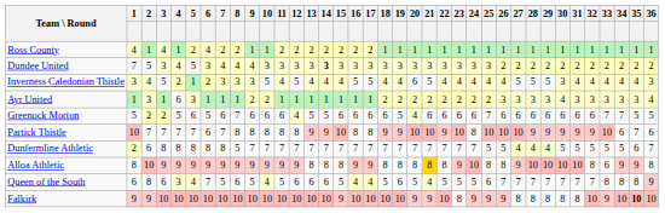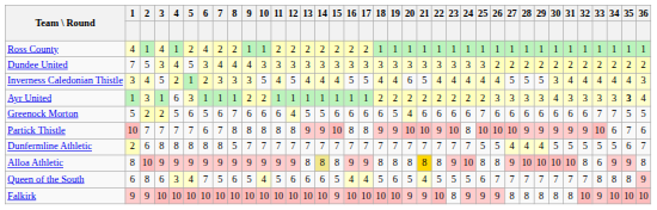 <table class="wikitable sortable" style="font-size: 85%; text-align:center;">
 <tr>
 <th rowspan="2">Team \ Round</th>
 <th align=center>1</th>
 <th align=center>2</th>
 <th align=center>3</th>
 <th align=center>4</th>
 <th align=center>5</th>
 <th align=center>6</th>
 <th align=center>7</th>
 <th align=center>8</th>
 <th align=center>9</th>
 <th align=center>10</th>
 <th align=center>11</th>
 <th align=center>12</th>
 <th align=center>13</th>
 <th align=center>14</th>
 <th align=center>15</th>
 <th align=center>16</th>
 <th align=center>17</th>
 <th align=center>18</th>
 <th align=center>19</th>
 <th align=center>20</th>
 <th align=center>21</th>
 <th align=center>22</th>
 <th align=center>23</th>
 <th align=center>24</th>
 <th align=center>25</th>
 <th align=center>26</th>
 <th align=center>27</th>
 <th align=center>28</th>
 <th align=center>29</th>
 <th align=center>30</th>
 <th align=center>31</th>
 <th align=center>32</th>
 <th align=center>33</th>
 <th align=center>34</th>
 <th align=center>35</th>
 <th align=center>36</th>
 </tr>
 <tr>
 <th style="text-align:center; height:20px;"></th>
 <th align=center></th>
 <th align=center></th>
 <th align=center></th>
 <th align=center></th>
 <th align=center></th>
 <th align=center></th>
 <th align=center></th>
 <th align=center></th>
 <th align=center></th>
 <th align=center></th>
 <th align=center></th>
 <th align=center></th>
 <th align=center></th>
 <th align=center></th>
 <th align=center></th>
 <th align=center></th>
 <th align=center></th>
 <th align=center></th>
 <th align=center></th>
 <th align=center></th>
 <th align=center></th>
 <th align=center></th>
 <th align=center></th>
 <th align=center></th>
 <th align=center></th>
 <th align=center></th>
 <th align=center></th>
 <th align=center></th>
 <th align=center></th>
 <th align=center></th>
 <th align=center></th>
 <th align=center></th>
 <th align=center></th>
 <th align=center></th>
 <th align=center></th>
 </tr>
 <tr align=center>
 <td align=left><a href='#'>Ross County</a></td>
 <td style="background:#FFFFCC">4</td>
 <td style="background:#BBF3BB">1</td>
 <td style="background:#FFFFCC">4</td>
 <td style="background:#BBF3BB">1</td>
 <td style="background:#FFFFBB">2</td>
 <td style="background:#FFFFCC">4</td>
 <td style="background:#FFFFBB">2</td>
 <td style="background:#FFFFBB">2</td>
 <td style="background:#BBF3BB">1</td>
 <td style="background:#BBF3BB">1</td>
 <td style="background:#FFFFBB">2</td>
 <td style="background:#FFFFBB">2</td>
 <td style="background:#FFFFBB">2</td>
 <td style="background:#FFFFBB">2</td>
 <td style="background:#FFFFBB">2</td>
 <td style="background:#FFFFBB">2</td>
 <td style="background:#FFFFBB">2</td>
 <td style="background:#BBF3BB">1</td>
 <td style="background:#BBF3BB">1</td>
 <td style="background:#BBF3BB">1</td>
 <td style="background:#BBF3BB">1</td>
 <td style="background:#BBF3BB">1</td>
 <td style="background:#BBF3BB">1</td>
 <td style="background:#BBF3BB">1</td>
 <td style="background:#BBF3BB">1</td>
 <td style="background:#BBF3BB">1</td>
 <td style="background:#BBF3BB">1</td>
 <td style="background:#BBF3BB">1</td>
 <td style="background:#BBF3BB">1</td>
 <td style="background:#BBF3BB">1</td>
 <td style="background:#BBF3BB">1</td>
 <td style="background:#BBF3BB">1</td>
 <td style="background:#BBF3BB">1</td>
 <td style="background:#BBF3BB">1</td>
 <td style="background:#BBF3BB">1</td>
 <td style="background:#BBF3BB">1</td>
 </tr>
 <tr align=center>
 <td align=left><a href='#'>Dundee United</a></td>
 <td>7</td>
 <td>5</td>
 <td style="background:#FFFFCC">3</td>
 <td style="background:#FFFFCC">4</td>
 <td>5</td>
 <td style="background:#FFFFCC">3</td>
 <td style="background:#FFFFCC">4</td>
 <td style="background:#FFFFCC">4</td>
 <td style="background:#FFFFCC">4</td>
 <td style="background:#FFFFCC">3</td>
 <td style="background:#FFFFCC">3</td>
 <td style="background:#FFFFCC">3</td>
 <td style="background:#FFFFCC">3</td>
-<td style="background:#FFFFCC"><strong>3</strong></td>
+<td style="background:#FFFFCC">3</td>
 <td style="background:#FFFFCC">3</td>
 <td style="background:#FFFFCC">3</td>
 <td style="background:#FFFFCC">3</td>
 <td style="background:#FFFFCC">3</td>
 <td style="background:#FFFFCC">3</td>
 <td style="background:#FFFFCC">3</td>
 <td style="background:#FFFFCC">3</td>
 <td style="background:#FFFFCC">3</td>
 <td style="background:#FFFFCC">3</td>
 <td style="background:#FFFFCC">3</td>
 <td style="background:#FFFFCC">3</td>
 <td style="background:#FFFFBB">2</td>
 <td style="background:#FFFFBB">2</td>
 <td style="background:#FFFFBB">2</td>
 <td style="background:#FFFFBB">2</td>
 <td style="background:#FFFFBB">2</td>
 <td style="background:#FFFFBB">2</td>
 <td style="background:#FFFFBB">2</td>
 <td style="background:#FFFFBB">2</td>
 <td style="background:#FFFFBB">2</td>
 <td style="background:#FFFFBB">2</td>
 <td style="background:#FFFFBB">2</td>
 </tr>
 <tr align=center>
 <td align=left><a href='#'>Inverness Caledonian Thistle</a></td>
 <td style="background:#FFFFCC">3</td>
 <td style="background:#FFFFCC">4</td>
 <td>5</td>
 <td style="background:#FFFFBB">2</td>
 <td style="background:#BBF3BB">1</td>
 <td style="background:#FFFFBB">2</td>
 <td style="background:#FFFFCC">3</td>
 <td style="background:#FFFFCC">3</td>
 <td style="background:#FFFFCC">3</td>
 <td>5</td>
 <td style="background:#FFFFCC">4</td>
 <td>5</td>
 <td style="background:#FFFFCC">4</td>
 <td style="background:#FFFFCC">4</td>
 <td style="background:#FFFFCC">4</td>
 <td>5</td>
 <td>5</td>
 <td style="background:#FFFFCC">4</td>
 <td style="background:#FFFFCC">4</td>
 <td>6</td>
 <td>5</td>
 <td style="background:#FFFFCC">4</td>
 <td style="background:#FFFFCC">4</td>
 <td style="background:#FFFFCC">4</td>
 <td style="background:#FFFFCC">4</td>
 <td style="background:#FFFFCC">4</td>
 <td>5</td>
 <td>5</td>
 <td>5</td>
 <td style="background:#FFFFCC">3</td>
 <td style="background:#FFFFCC">4</td>
 <td style="background:#FFFFCC">4</td>
 <td style="background:#FFFFCC">4</td>
 <td style="background:#FFFFCC">4</td>
 <td style="background:#FFFFCC">4</td>
 <td style="background:#FFFFCC">3</td>
 </tr>
 <tr align=center>
 <td align=left><a href='#'>Ayr United</a></td>
 <td style="background:#BBF3BB">1</td>
 <td style="background:#FFFFCC">3</td>
 <td style="background:#BBF3BB">1</td>
 <td>6</td>
 <td style="background:#FFFFCC">3</td>
 <td style="background:#BBF3BB">1</td>
 <td style="background:#BBF3BB">1</td>
 <td style="background:#BBF3BB">1</td>
 <td style="background:#FFFFBB">2</td>
 <td style="background:#FFFFBB">2</td>
 <td style="background:#BBF3BB">1</td>
 <td style="background:#BBF3BB">1</td>
 <td style="background:#BBF3BB">1</td>
 <td style="background:#BBF3BB">1</td>
 <td style="background:#BBF3BB">1</td>
 <td style="background:#BBF3BB">1</td>
 <td style="background:#BBF3BB">1</td>
 <td style="background:#FFFFBB">2</td>
 <td style="background:#FFFFBB">2</td>
 <td style="background:#FFFFBB">2</td>
 <td style="background:#FFFFBB">2</td>
 <td style="background:#FFFFBB">2</td>
 <td style="background:#FFFFBB">2</td>
 <td style="background:#FFFFBB">2</td>
 <td style="background:#FFFFBB">2</td>
 <td style="background:#FFFFCC">3</td>
 <td style="background:#FFFFCC">3</td>
 <td style="background:#FFFFCC">3</td>
 <td style="background:#FFFFCC">3</td>
 <td style="background:#FFFFCC">4</td>
 <td style="background:#FFFFCC">3</td>
 <td style="background:#FFFFCC">3</td>
 <td style="background:#FFFFCC">3</td>
 <td style="background:#FFFFCC">3</td>
-<td style="background:#FFFFCC">3</td>
+<td style="background:#FFFFCC"><strong>3</strong></td>
 <td style="background:#FFFFCC">4</td>
 </tr>
 <tr align=center>
 <td align=left><a href='#'>Greenock Morton</a></td>
 <td>5</td>
 <td style="background:#FFFFBB">2</td>
 <td style="background:#FFFFBB">2</td>
 <td>5</td>
 <td>6</td>
 <td>5</td>
 <td>6</td>
 <td>7</td>
 <td>6</td>
 <td>6</td>
 <td>6</td>
 <td style="background:#FFFFCC">4</td>
 <td>5</td>
 <td>5</td>
 <td>6</td>
 <td>6</td>
 <td>6</td>
 <td>6</td>
 <td>5</td>
 <td style="background:#FFFFCC">4</td>
 <td>6</td>
 <td>6</td>
 <td>6</td>
 <td>6</td>
 <td>7</td>
 <td>6</td>
 <td>6</td>
 <td>6</td>
 <td>6</td>
 <td>6</td>
 <td>6</td>
 <td>6</td>
 <td>7</td>
 <td>7</td>
 <td>5</td>
 <td>5</td>
 </tr>
 <tr align=center>
 <td align=left><a href='#'>Partick Thistle</a></td>
 <td style="background:#FFBBBB">10</td>
 <td>7</td>
 <td>7</td>
 <td>7</td>
 <td>7</td>
 <td>6</td>
 <td>7</td>
 <td>8</td>
 <td>8</td>
 <td>8</td>
 <td>8</td>
 <td>8</td>
 <td style="background:#FFCCCC">9</td>
 <td style="background:#FFCCCC">9</td>
 <td style="background:#FFBBBB">10</td>
 <td>8</td>
 <td>8</td>
 <td style="background:#FFCCCC">9</td>
 <td style="background:#FFCCCC">9</td>
 <td style="background:#FFBBBB">10</td>
 <td style="background:#FFBBBB">10</td>
 <td style="background:#FFCCCC">9</td>
 <td style="background:#FFBBBB">10</td>
 <td>8</td>
 <td style="background:#FFBBBB">10</td>
 <td style="background:#FFBBBB">10</td>
 <td style="background:#FFBBBB">10</td>
 <td style="background:#FFCCCC">9</td>
 <td style="background:#FFCCCC">9</td>
 <td style="background:#FFCCCC">9</td>
 <td style="background:#FFCCCC">9</td>
 <td style="background:#FFCCCC">9</td>
 <td style="background:#FFBBBB">10</td>
 <td>6</td>
 <td>7</td>
 <td>6</td>
 </tr>
 <tr align=center>
 <td align=left><a href='#'>Dunfermline Athletic</a></td>
 <td style="background:#FFFFBB">2</td>
 <td>6</td>
 <td>8</td>
 <td>8</td>
 <td>8</td>
 <td>8</td>
 <td>8</td>
 <td>5</td>
 <td>7</td>
 <td>7</td>
 <td>7</td>
 <td>7</td>
 <td>7</td>
 <td>7</td>
 <td>7</td>
 <td>7</td>
 <td>7</td>
 <td>7</td>
 <td>7</td>
 <td>7</td>
 <td>7</td>
 <td>7</td>
 <td>7</td>
 <td>7</td>
 <td>5</td>
 <td>5</td>
 <td style="background:#FFFFCC">4</td>
 <td style="background:#FFFFCC">4</td>
 <td style="background:#FFFFCC">4</td>
 <td>5</td>
 <td>5</td>
 <td>5</td>
 <td>5</td>
 <td>5</td>
 <td>6</td>
 <td>7</td>
 </tr>
 <tr align=center>
 <td align=left><a href='#'>Alloa Athletic</a></td>
 <td>8</td>
 <td style="background:#FFBBBB">10</td>
 <td style="background:#FFCCCC">9</td>
 <td style="background:#FFCCCC">9</td>
 <td style="background:#FFCCCC">9</td>
 <td style="background:#FFCCCC">9</td>
 <td style="background:#FFCCCC">9</td>
 <td style="background:#FFCCCC">9</td>
 <td style="background:#FFCCCC">9</td>
 <td style="background:#FFCCCC">9</td>
 <td style="background:#FFCCCC">9</td>
 <td style="background:#FFCCCC">9</td>
 <td>8</td>
-<td>8</td>
+<td style="background: khaki;">8</td>
 <td>8</td>
 <td style="background:#FFCCCC">9</td>
 <td style="background:#FFCCCC">9</td>
 <td>8</td>
 <td>8</td>
 <td>8</td>
 <td style="background: gold;">8</td>
 <td>8</td>
 <td style="background:#FFCCCC">9</td>
 <td style="background:#FFBBBB">10</td>
 <td>8</td>
 <td>8</td>
 <td style="background:#FFCCCC">9</td>
 <td style="background:#FFBBBB">10</td>
 <td style="background:#FFBBBB">10</td>
 <td style="background:#FFBBBB">10</td>
 <td style="background:#FFBBBB">10</td>
 <td>8</td>
 <td>6</td>
 <td style="background:#FFCCCC">9</td>
 <td style="background:#FFCCCC">9</td>
 <td>8</td>
 </tr>
 <tr align=center>
 <td align=left><a href='#'>Queen of the South</a></td>
 <td>6</td>
 <td>8</td>
 <td>6</td>
 <td style="background:#FFFFCC">3</td>
 <td style="background:#FFFFCC">4</td>
 <td>7</td>
 <td>5</td>
 <td>6</td>
 <td>5</td>
 <td style="background:#FFFFCC">4</td>
 <td>5</td>
 <td>6</td>
 <td>6</td>
 <td>6</td>
 <td>5</td>
 <td style="background:#FFFFCC">4</td>
 <td style="background:#FFFFCC">4</td>
 <td>5</td>
 <td>6</td>
 <td>5</td>
 <td style="background:#FFFFCC">4</td>
 <td>5</td>
 <td>5</td>
 <td>5</td>
 <td>6</td>
 <td>7</td>
 <td>7</td>
 <td>7</td>
 <td>7</td>
 <td>7</td>
 <td>7</td>
 <td>7</td>
 <td>8</td>
 <td>8</td>
 <td>8</td>
 <td style="background:#FFCCCC">9</td>
 </tr>
 <tr align=center>
 <td align=left><a href='#'>Falkirk</a></td>
 <td style="background:#FFCCCC">9</td>
 <td style="background:#FFCCCC">9</td>
 <td style="background:#FFBBBB">10</td>
 <td style="background:#FFBBBB">10</td>
 <td style="background:#FFBBBB">10</td>
 <td style="background:#FFBBBB">10</td>
 <td style="background:#FFBBBB">10</td>
 <td style="background:#FFBBBB">10</td>
 <td style="background:#FFBBBB">10</td>
 <td style="background:#FFBBBB">10</td>
 <td style="background:#FFBBBB">10</td>
 <td style="background:#FFBBBB">10</td>
 <td style="background:#FFBBBB">10</td>
 <td style="background:#FFBBBB">10</td>
 <td style="background:#FFCCCC">9</td>
 <td style="background:#FFBBBB">10</td>
 <td style="background:#FFBBBB">10</td>
 <td style="background:#FFBBBB">10</td>
 <td style="background:#FFBBBB">10</td>
 <td style="background:#FFCCCC">9</td>
 <td style="background:#FFCCCC">9</td>
 <td style="background:#FFBBBB">10</td>
 <td>8</td>
 <td style="background:#FFCCCC">9</td>
 <td style="background:#FFCCCC">9</td>
 <td style="background:#FFCCCC">9</td>
 <td>8</td>
 <td>8</td>
 <td>8</td>
 <td>8</td>
 <td>8</td>
 <td style="background:#FFBBBB">10</td>
 <td style="background:#FFCCCC">9</td>
 <td style="background:#FFBBBB">10</td>
-<td style="background:#FFBBBB"><strong>10</strong></td>
+<td style="background:#FFBBBB">10</td>
 <td style="background:#FFBBBB">10</td>
 </tr>
 </table>
